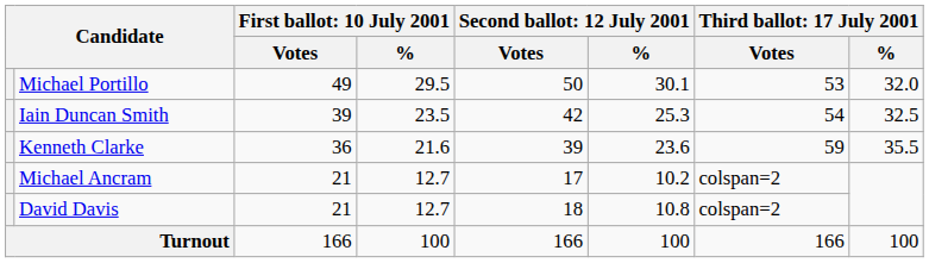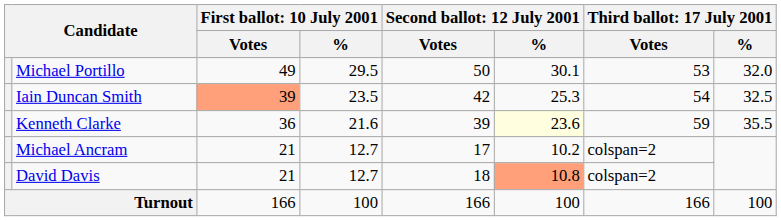 <table class="wikitable">
 <tr>
 <th colspan=2 rowspan=2>Candidate</th>
 <th colspan=2>First ballot: 10 July 2001</th>
 <th colspan=2>Second ballot: 12 July 2001</th>
 <th colspan=2>Third ballot: 17 July 2001</th>
 </tr>
 <tr>
 <th>Votes</th>
 <th>%</th>
 <th>Votes</th>
 <th>%</th>
 <th>Votes</th>
 <th>%</th>
 </tr>
 <tr>
 <th style="background-color: "></th>
 <td style="width: 170px"><a href='#'>Michael Portillo</a></td>
 <td style="text-align:right;">49</td>
 <td style="text-align:right;">29.5</td>
 <td style="text-align:right;">50</td>
 <td style="text-align:right;">30.1</td>
 <td style="text-align:right;">53</td>
 <td style="text-align:right;">32.0</td>
 </tr>
 <tr>
 <th style="background-color: "></th>
 <td style="width: 170px"><a href='#'>Iain Duncan Smith</a></td>
-<td style="text-align:right;">39</td>
+<td style="background: lightsalmon; text-align:right;">39</td>
 <td style="text-align:right;">23.5</td>
 <td style="text-align:right;">42</td>
 <td style="text-align:right;">25.3</td>
 <td style="text-align:right;">54</td>
 <td style="text-align:right;">32.5</td>
 </tr>
 <tr>
 <th style="background-color: "></th>
 <td style="width: 170px"><a href='#'>Kenneth Clarke</a></td>
 <td style="text-align:right;">36</td>
 <td style="text-align:right;">21.6</td>
 <td style="text-align:right;">39</td>
-<td style="text-align:right;">23.6</td>
+<td style="background: lightyellow; text-align:right;">23.6</td>
 <td style="text-align:right;">59</td>
 <td style="text-align:right;">35.5</td>
 </tr>
 <tr>
 <th style="background-color: "></th>
 <td style="width: 170px"><a href='#'>Michael Ancram</a></td>
 <td style="text-align:right;">21</td>
 <td style="text-align:right;">12.7</td>
 <td style="text-align:right;">17</td>
 <td style="text-align:right;">10.2</td>
 <td>colspan=2 </td>
 </tr>
 <tr>
 <th style="background-color: "></th>
 <td style="width: 170px"><a href='#'>David Davis</a></td>
 <td style="text-align:right;">21</td>
 <td style="text-align:right;">12.7</td>
 <td style="text-align:right;">18</td>
-<td style="text-align:right;">10.8</td>
+<td style="background: lightsalmon; text-align:right;">10.8</td>
 <td>colspan=2 </td>
 </tr>
 <tr>
 <th colspan="2" style="text-align:right">Turnout</th>
 <td style="text-align:right;">166</td>
 <td style="text-align:right;">100</td>
 <td style="text-align:right;">166</td>
 <td style="text-align:right;">100</td>
 <td style="text-align:right;">166</td>
 <td style="text-align:right;">100</td>
 </tr>
 </table>
